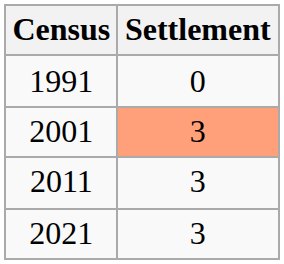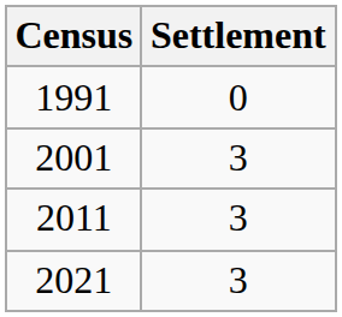 <table class="wikitable" style="text-align:center">
 <tr>
 <th>Census</th>
 <th>Settlement</th>
 </tr>
 <tr>
 <td>1991</td>
 <td>0</td>
 </tr>
 <tr>
 <td>2001</td>
-<td style="background: lightsalmon;">3</td>
+<td>3</td>
 </tr>
 <tr>
 <td>2011</td>
 <td>3</td>
 </tr>
 <tr>
 <td>2021</td>
 <td>3</td>
 </tr>
 </table>
